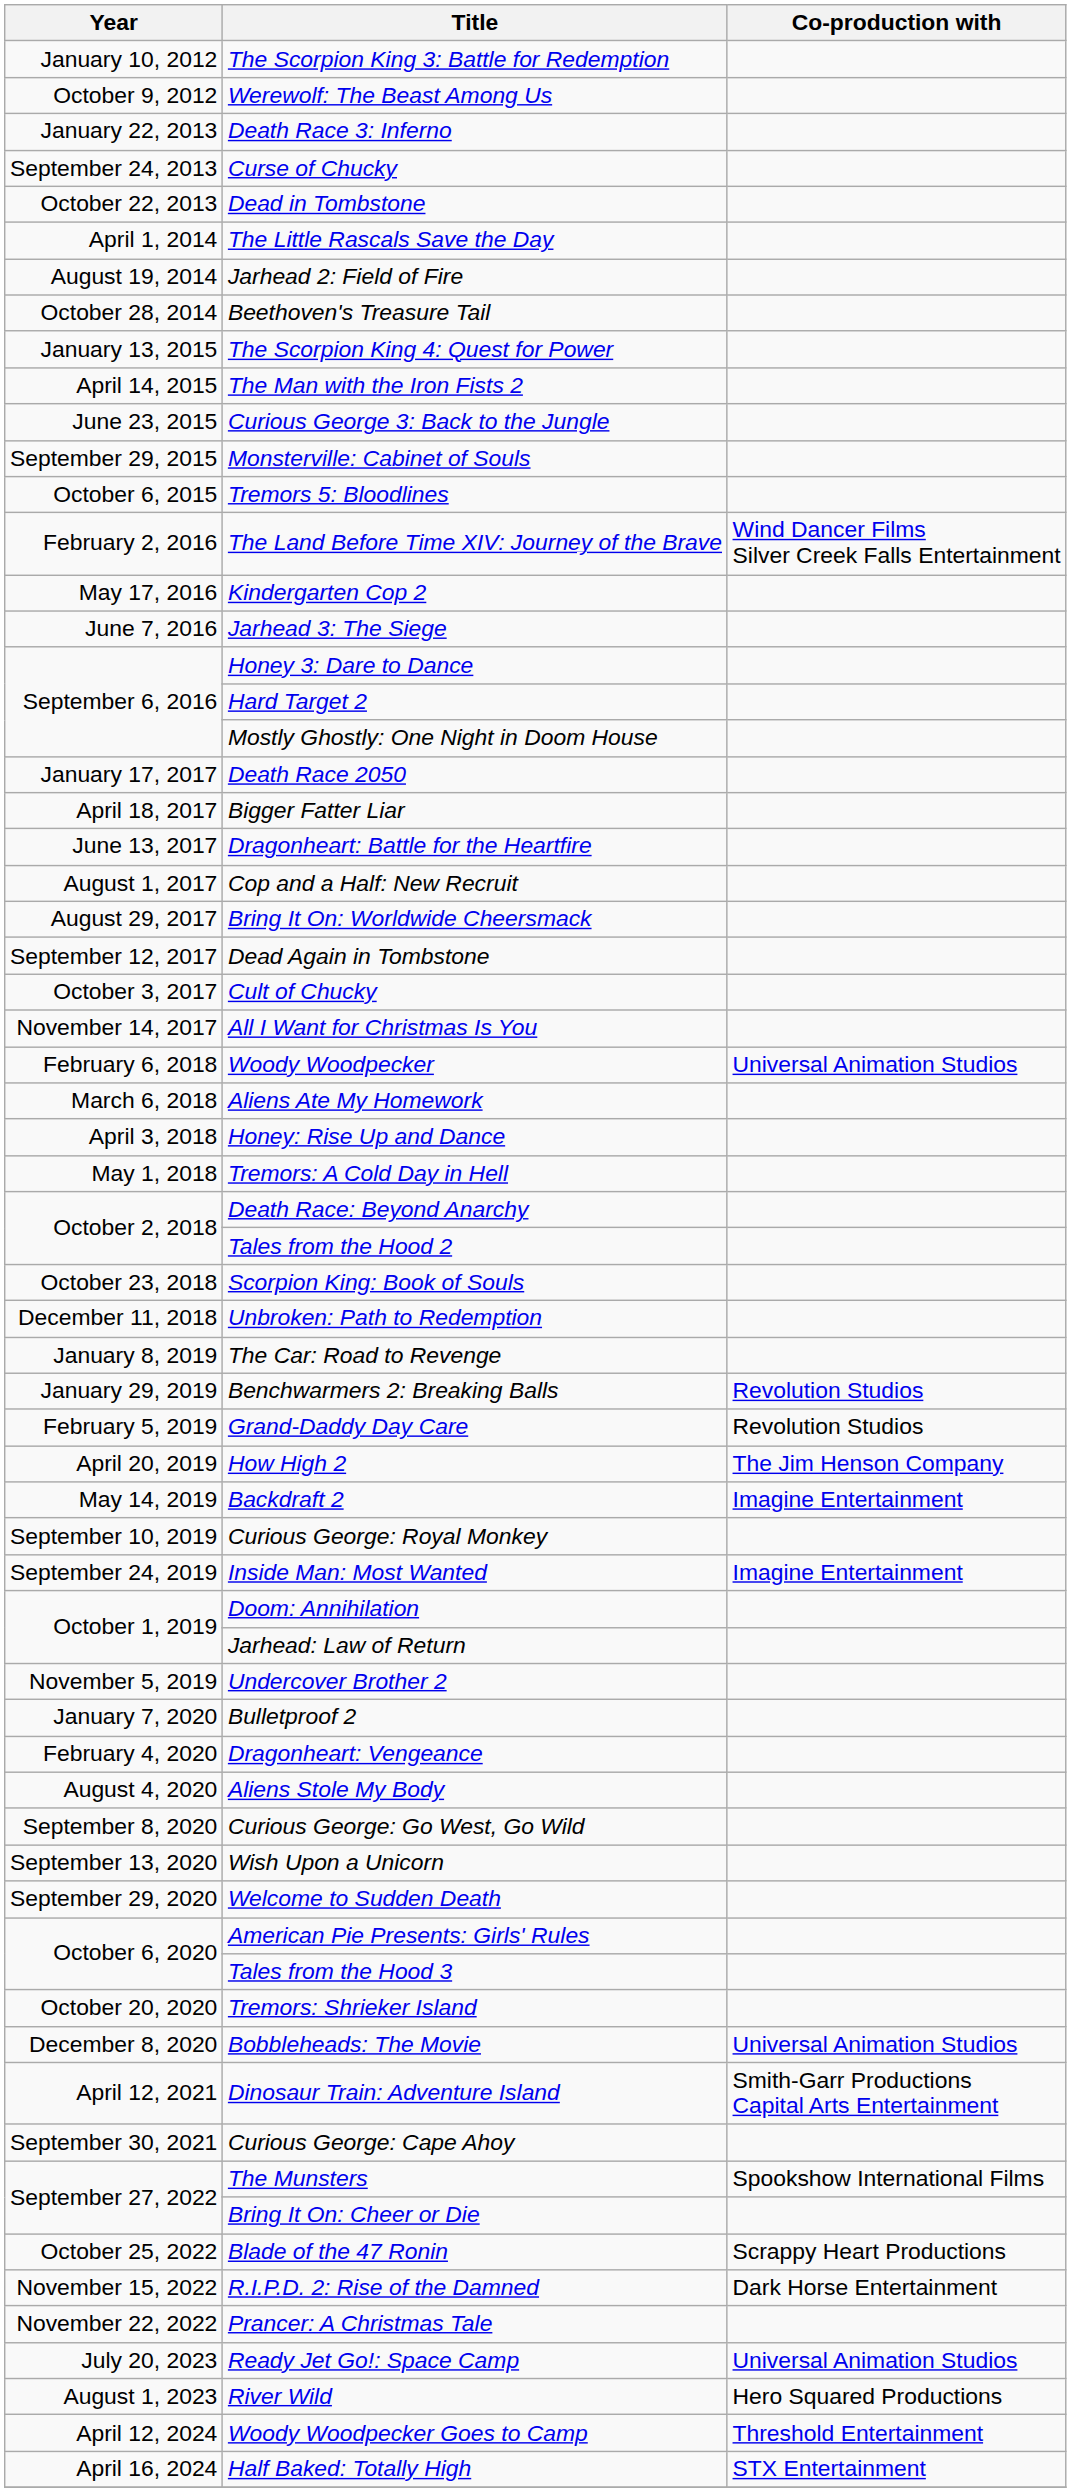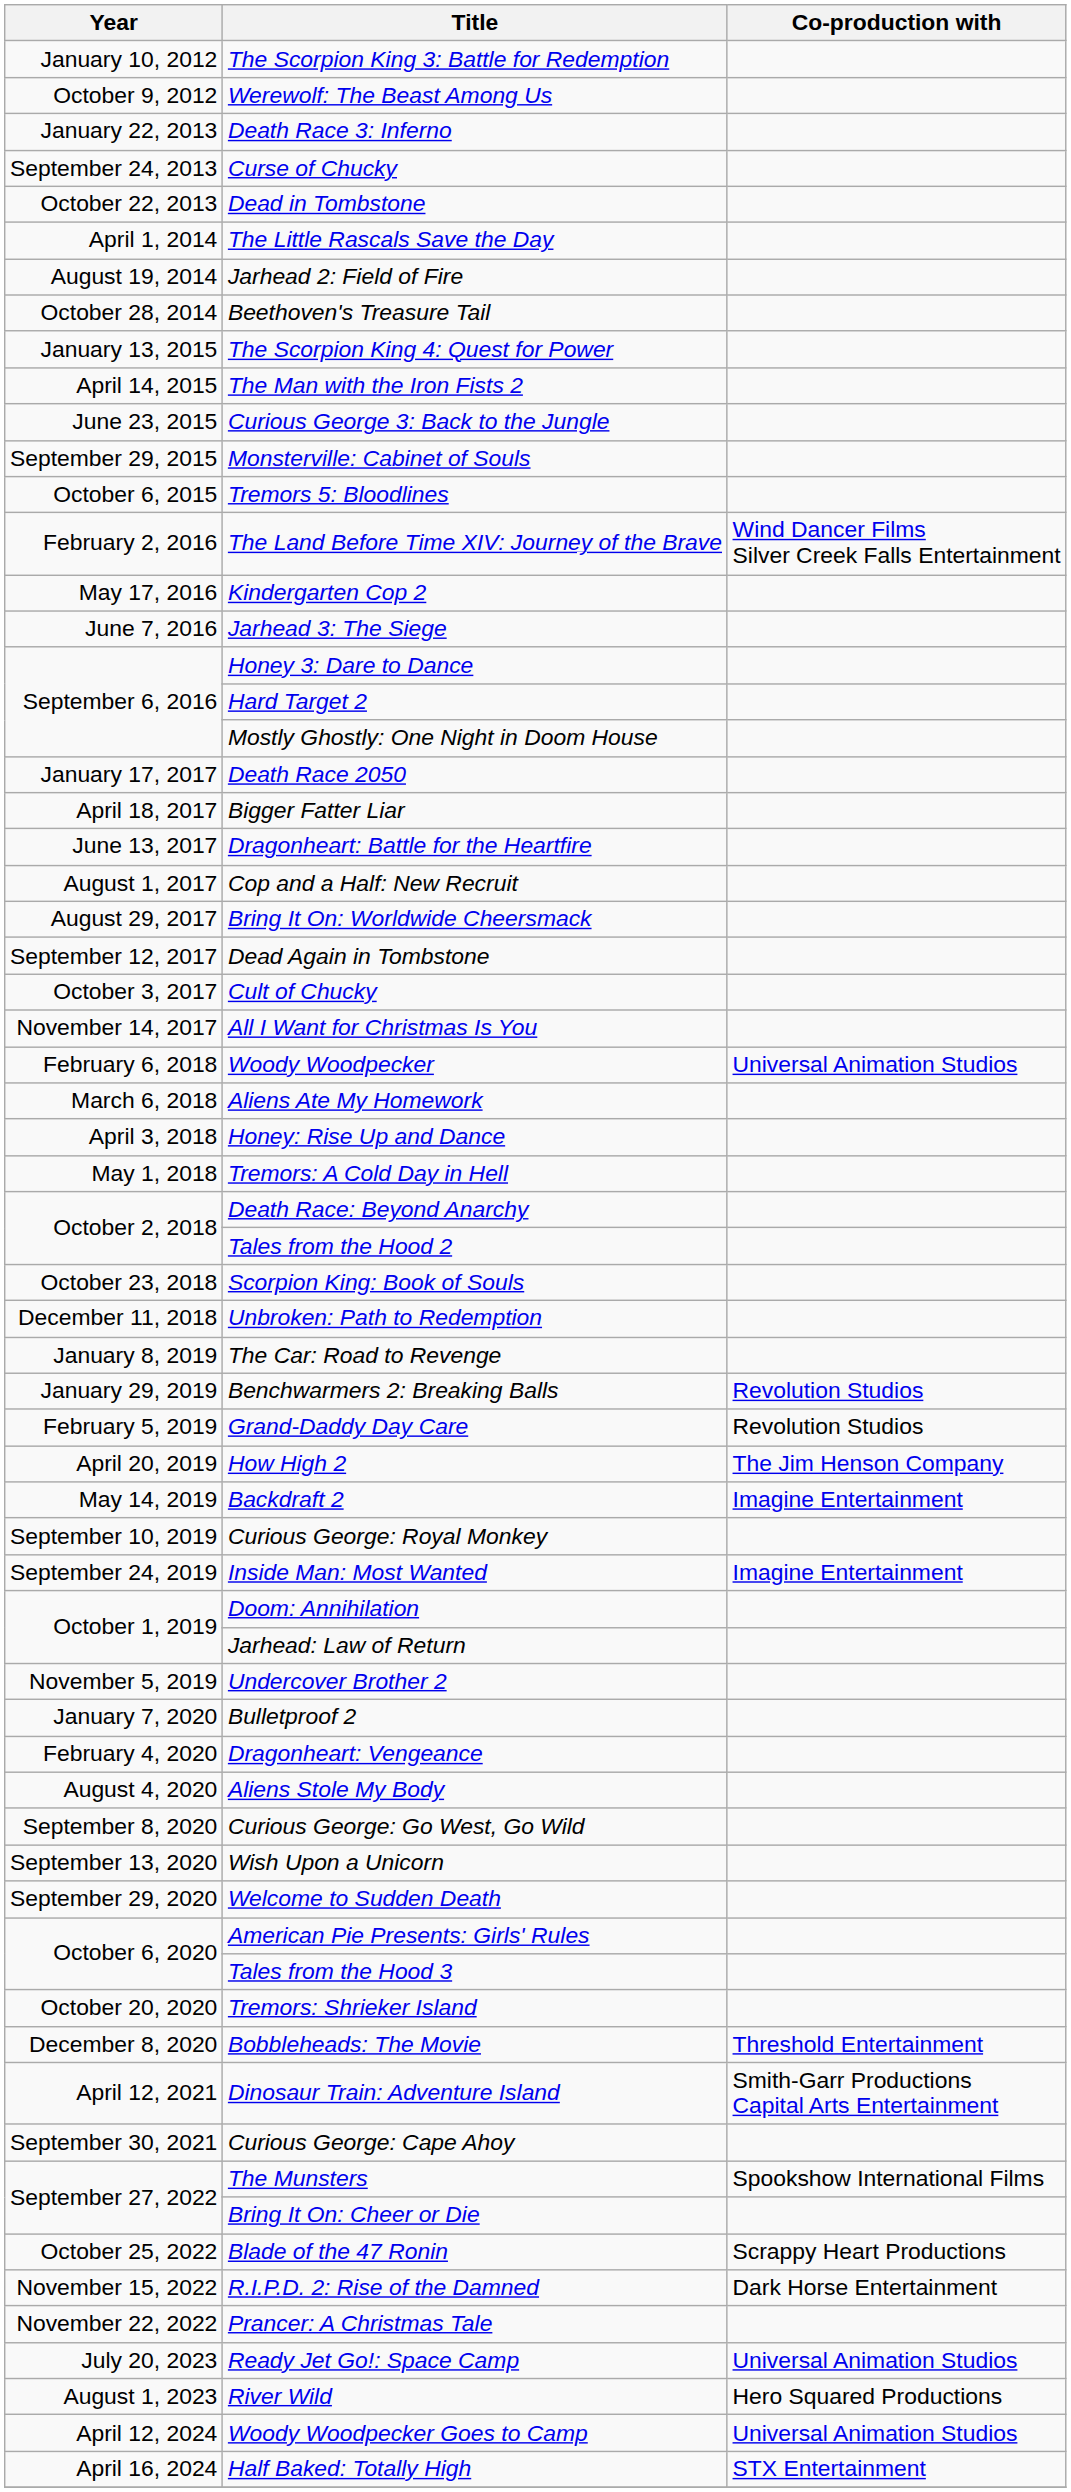 <table class="wikitable sortable">
 <tr>
 <th>Year</th>
 <th>Title</th>
 <th>Co-production with</th>
 </tr>
 <tr>
 <td align="right">January 10, 2012</td>
 <td><em><a href='#'>The Scorpion King 3: Battle for Redemption</a></em></td>
 <td></td>
 </tr>
 <tr>
 <td align="right">October 9, 2012</td>
 <td><em><a href='#'>Werewolf: The Beast Among Us</a></em></td>
 <td></td>
 </tr>
 <tr>
 <td align="right">January 22, 2013</td>
 <td><em><a href='#'>Death Race 3: Inferno</a></em></td>
 <td></td>
 </tr>
 <tr>
 <td align="right">September 24, 2013</td>
 <td><em><a href='#'>Curse of Chucky</a></em></td>
 <td></td>
 </tr>
 <tr>
 <td align="right">October 22, 2013</td>
 <td><em><a href='#'>Dead in Tombstone</a></em></td>
 <td></td>
 </tr>
 <tr>
 <td align="right">April 1, 2014</td>
 <td><em><a href='#'>The Little Rascals Save the Day</a></em></td>
 <td></td>
 </tr>
 <tr>
 <td align="right">August 19, 2014</td>
 <td><em>Jarhead 2: Field of Fire</em></td>
 <td></td>
 </tr>
 <tr>
 <td align="right">October 28, 2014</td>
 <td><em>Beethoven's Treasure Tail</em></td>
 <td></td>
 </tr>
 <tr>
 <td align="right">January 13, 2015</td>
 <td><em><a href='#'>The Scorpion King 4: Quest for Power</a></em></td>
 <td></td>
 </tr>
 <tr>
 <td align="right">April 14, 2015</td>
 <td><em><a href='#'>The Man with the Iron Fists 2</a></em></td>
 <td></td>
 </tr>
 <tr>
 <td align="right">June 23, 2015</td>
 <td><em><a href='#'>Curious George 3: Back to the Jungle</a></em></td>
 <td></td>
 </tr>
 <tr>
 <td align="right">September 29, 2015</td>
 <td><em><a href='#'>Monsterville: Cabinet of Souls</a></em></td>
 <td></td>
 </tr>
 <tr>
 <td align="right">October 6, 2015</td>
 <td><em><a href='#'>Tremors 5: Bloodlines</a></em></td>
 <td></td>
 </tr>
 <tr>
 <td align="right">February 2, 2016</td>
 <td><em><a href='#'>The Land Before Time XIV: Journey of the Brave</a></em></td>
 <td><a href='#'>Wind Dancer Films</a><br>Silver Creek Falls Entertainment</td>
 </tr>
 <tr>
 <td align="right">May 17, 2016</td>
 <td><em><a href='#'>Kindergarten Cop 2</a></em></td>
 <td></td>
 </tr>
 <tr>
 <td align="right">June 7, 2016</td>
 <td><em><a href='#'>Jarhead 3: The Siege</a></em></td>
 <td></td>
 </tr>
 <tr>
 <td align="right" rowspan=3>September 6, 2016</td>
 <td><em><a href='#'>Honey 3: Dare to Dance</a></em></td>
 <td></td>
 </tr>
 <tr>
 <td><em><a href='#'>Hard Target 2</a></em></td>
 <td></td>
 </tr>
 <tr>
 <td><em>Mostly Ghostly: One Night in Doom House</em></td>
 <td></td>
 </tr>
 <tr>
 <td align="right">January 17, 2017</td>
 <td><em><a href='#'>Death Race 2050</a></em></td>
 <td></td>
 </tr>
 <tr>
 <td align="right">April 18, 2017</td>
 <td><em>Bigger Fatter Liar</em></td>
 <td></td>
 </tr>
 <tr>
 <td align="right">June 13, 2017</td>
 <td><em><a href='#'>Dragonheart: Battle for the Heartfire</a></em></td>
 <td></td>
 </tr>
 <tr>
 <td align="right">August 1, 2017</td>
 <td><em>Cop and a Half: New Recruit</em></td>
 <td></td>
 </tr>
 <tr>
 <td align="right">August 29, 2017</td>
 <td><em><a href='#'>Bring It On: Worldwide Cheersmack</a></em></td>
 <td></td>
 </tr>
 <tr>
 <td align="right">September 12, 2017</td>
 <td><em>Dead Again in Tombstone</em></td>
 <td></td>
 </tr>
 <tr>
 <td align="right">October 3, 2017</td>
 <td><em><a href='#'>Cult of Chucky</a></em></td>
 <td></td>
 </tr>
 <tr>
 <td align="right">November 14, 2017</td>
 <td><em><a href='#'>All I Want for Christmas Is You</a></em></td>
 <td></td>
 </tr>
 <tr>
 <td align="right">February 6, 2018</td>
 <td><em><a href='#'>Woody Woodpecker</a></em></td>
 <td><a href='#'>Universal Animation Studios</a></td>
 </tr>
 <tr>
 <td align="right">March 6, 2018</td>
 <td><a href='#'><em>Aliens Ate My Homework</em></a></td>
 <td></td>
 </tr>
 <tr>
 <td align="right">April 3, 2018</td>
 <td><em><a href='#'>Honey: Rise Up and Dance</a></em></td>
 <td></td>
 </tr>
 <tr>
 <td align="right">May 1, 2018</td>
 <td><em><a href='#'>Tremors: A Cold Day in Hell</a></em></td>
 <td></td>
 </tr>
 <tr>
 <td align="right" rowspan=2>October 2, 2018</td>
 <td><em><a href='#'>Death Race: Beyond Anarchy</a></em></td>
 <td></td>
 </tr>
 <tr>
 <td><em><a href='#'>Tales from the Hood 2</a></em></td>
 <td></td>
 </tr>
 <tr>
 <td align="right">October 23, 2018</td>
 <td><em><a href='#'>Scorpion King: Book of Souls</a></em></td>
 <td></td>
 </tr>
 <tr>
 <td align="right">December 11, 2018</td>
 <td><em><a href='#'>Unbroken: Path to Redemption</a></em></td>
 <td></td>
 </tr>
 <tr>
 <td align="right">January 8, 2019</td>
 <td><em>The Car: Road to Revenge</em></td>
 <td></td>
 </tr>
 <tr>
 <td align="right">January 29, 2019</td>
 <td><em>Benchwarmers 2: Breaking Balls</em></td>
 <td><a href='#'>Revolution Studios</a></td>
 </tr>
 <tr>
 <td align="right">February 5, 2019</td>
 <td><em><a href='#'>Grand-Daddy Day Care</a></em></td>
 <td>Revolution Studios</td>
 </tr>
 <tr>
 <td align="right">April 20, 2019</td>
 <td><em><a href='#'>How High 2</a></em></td>
 <td><a href='#'>The Jim Henson Company</a></td>
 </tr>
 <tr>
 <td align="right">May 14, 2019</td>
 <td><em><a href='#'>Backdraft 2</a></em></td>
 <td><a href='#'>Imagine Entertainment</a></td>
 </tr>
 <tr>
 <td align="right">September 10, 2019</td>
 <td><em>Curious George: Royal Monkey</em></td>
 <td></td>
 </tr>
 <tr>
 <td align="right">September 24, 2019</td>
 <td><em><a href='#'>Inside Man: Most Wanted</a></em></td>
 <td><a href='#'>Imagine Entertainment</a></td>
 </tr>
 <tr>
 <td align="right" rowspan=2>October 1, 2019</td>
 <td><em><a href='#'>Doom: Annihilation</a></em></td>
 <td></td>
 </tr>
 <tr>
 <td><em>Jarhead: Law of Return</em></td>
 <td></td>
 </tr>
 <tr>
 <td align="right">November 5, 2019</td>
 <td><em><a href='#'>Undercover Brother 2</a></em></td>
 <td></td>
 </tr>
 <tr>
 <td align="right">January 7, 2020</td>
 <td><em>Bulletproof 2</em></td>
 <td></td>
 </tr>
 <tr>
 <td align="right">February 4, 2020</td>
 <td><em><a href='#'>Dragonheart: Vengeance</a></em></td>
 <td></td>
 </tr>
 <tr>
 <td align="right">August 4, 2020</td>
 <td><em><a href='#'>Aliens Stole My Body</a></em></td>
 <td></td>
 </tr>
 <tr>
 <td align="right">September 8, 2020</td>
 <td><em>Curious George: Go West, Go Wild</em></td>
 <td></td>
 </tr>
 <tr>
 <td align="right">September 13, 2020</td>
 <td><em>Wish Upon a Unicorn</em></td>
 <td></td>
 </tr>
 <tr>
 <td align="right">September 29, 2020</td>
 <td><em><a href='#'>Welcome to Sudden Death</a></em></td>
 <td></td>
 </tr>
 <tr>
 <td align="right" rowspan="2">October 6, 2020</td>
 <td><em><a href='#'>American Pie Presents: Girls' Rules</a></em></td>
 <td></td>
 </tr>
 <tr>
 <td><em><a href='#'>Tales from the Hood 3</a></em></td>
 <td></td>
 </tr>
 <tr>
 <td align="right">October 20, 2020</td>
 <td><em><a href='#'>Tremors: Shrieker Island</a></em></td>
 <td></td>
 </tr>
 <tr>
 <td align="right">December 8, 2020</td>
 <td><em><a href='#'>Bobbleheads: The Movie</a></em></td>
-<td><a href='#'>Universal Animation Studios</a></td>
+<td><a href='#'>Threshold Entertainment</a></td>
 </tr>
 <tr>
 <td align="right">April 12, 2021</td>
 <td><em><a href='#'>Dinosaur Train: Adventure Island</a></em></td>
 <td>Smith-Garr Productions<br><a href='#'>Capital Arts Entertainment</a></td>
 </tr>
 <tr>
 <td align="right">September 30, 2021</td>
 <td><em>Curious George: Cape Ahoy</em></td>
 <td></td>
 </tr>
 <tr>
 <td align="right" rowspan="2">September 27, 2022</td>
 <td><em><a href='#'>The Munsters</a></em></td>
 <td>Spookshow International Films</td>
 </tr>
 <tr>
 <td><em><a href='#'>Bring It On: Cheer or Die</a></em></td>
 <td></td>
 </tr>
 <tr>
 <td align="right">October 25, 2022</td>
 <td><em><a href='#'>Blade of the 47 Ronin</a></em></td>
 <td>Scrappy Heart Productions</td>
 </tr>
 <tr>
 <td align="right">November 15, 2022</td>
 <td><em><a href='#'>R.I.P.D. 2: Rise of the Damned</a></em></td>
 <td>Dark Horse Entertainment</td>
 </tr>
 <tr>
 <td align="right">November 22, 2022</td>
 <td><em><a href='#'>Prancer: A Christmas Tale</a></em></td>
 <td></td>
 </tr>
 <tr>
 <td align="right">July 20, 2023</td>
 <td><em><a href='#'>Ready Jet Go!: Space Camp</a></em></td>
 <td><a href='#'>Universal Animation Studios</a></td>
 </tr>
 <tr>
 <td align="right">August 1, 2023</td>
 <td><em><a href='#'>River Wild</a></em></td>
 <td>Hero Squared Productions</td>
 </tr>
 <tr>
 <td align="right">April 12, 2024</td>
 <td><em><a href='#'>Woody Woodpecker Goes to Camp</a></em></td>
-<td><a href='#'>Threshold Entertainment</a></td>
+<td><a href='#'>Universal Animation Studios</a></td>
 </tr>
 <tr>
 <td align="right">April 16, 2024</td>
 <td><em><a href='#'>Half Baked: Totally High</a></em></td>
 <td><a href='#'>STX Entertainment</a></td>
 </tr>
 <tr>
 </tr>
 </table>
